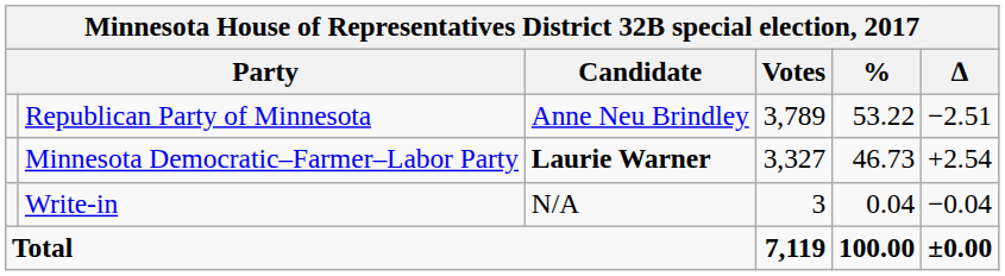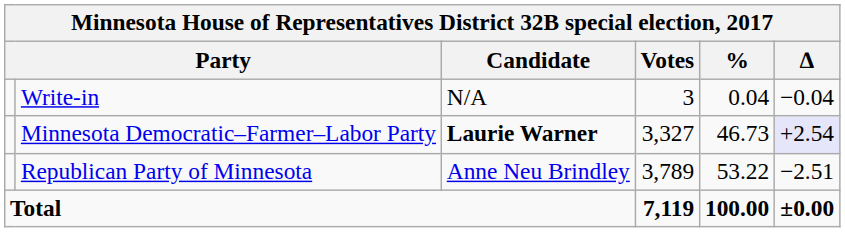 <table class="wikitable">
 <tr>
 <th colspan="6">Minnesota House of Representatives District 32B special election, 2017</th>
 </tr>
 <tr>
 <th colspan="2">Party</th>
 <th>Candidate</th>
 <th>Votes</th>
 <th>%</th>
 <th>∆</th>
 </tr>
 <tr>
 <td style="background-color:"></td>
-<td><a href='#'>Republican Party of Minnesota</a></td>
-<td><a href='#'>Anne Neu Brindley</a></td>
-<td align="right">3,789</td>
-<td align="right">53.22</td>
-<td align="right">−2.51</td>
+<td><a href='#'>Write-in</a></td>
+<td>N/A</td>
+<td align="right">3</td>
+<td align="right">0.04</td>
+<td align="right">−0.04</td>
 </tr>
 <tr>
 <td style="background-color:"></td>
 <td><a href='#'>Minnesota Democratic–Farmer–Labor Party</a></td>
 <td><strong>Laurie Warner</strong></td>
 <td align="right">3,327</td>
 <td align="right">46.73</td>
-<td align="right">+2.54</td>
+<td align="right" style="background: lavender;">+2.54</td>
 </tr>
 <tr>
 <td style="background-color:"></td>
-<td><a href='#'>Write-in</a></td>
-<td>N/A</td>
-<td align="right">3</td>
-<td align="right">0.04</td>
-<td align="right">−0.04</td>
+<td><a href='#'>Republican Party of Minnesota</a></td>
+<td><a href='#'>Anne Neu Brindley</a></td>
+<td align="right">3,789</td>
+<td align="right">53.22</td>
+<td align="right">−2.51</td>
 </tr>
 <tr>
 <td colspan="3"><strong>Total</strong></td>
 <td align="right"><strong>7,119</strong></td>
 <td align="right"><strong>100.00</strong></td>
 <td align="right"><strong>±0.00</strong></td>
 </tr>
 </table>
